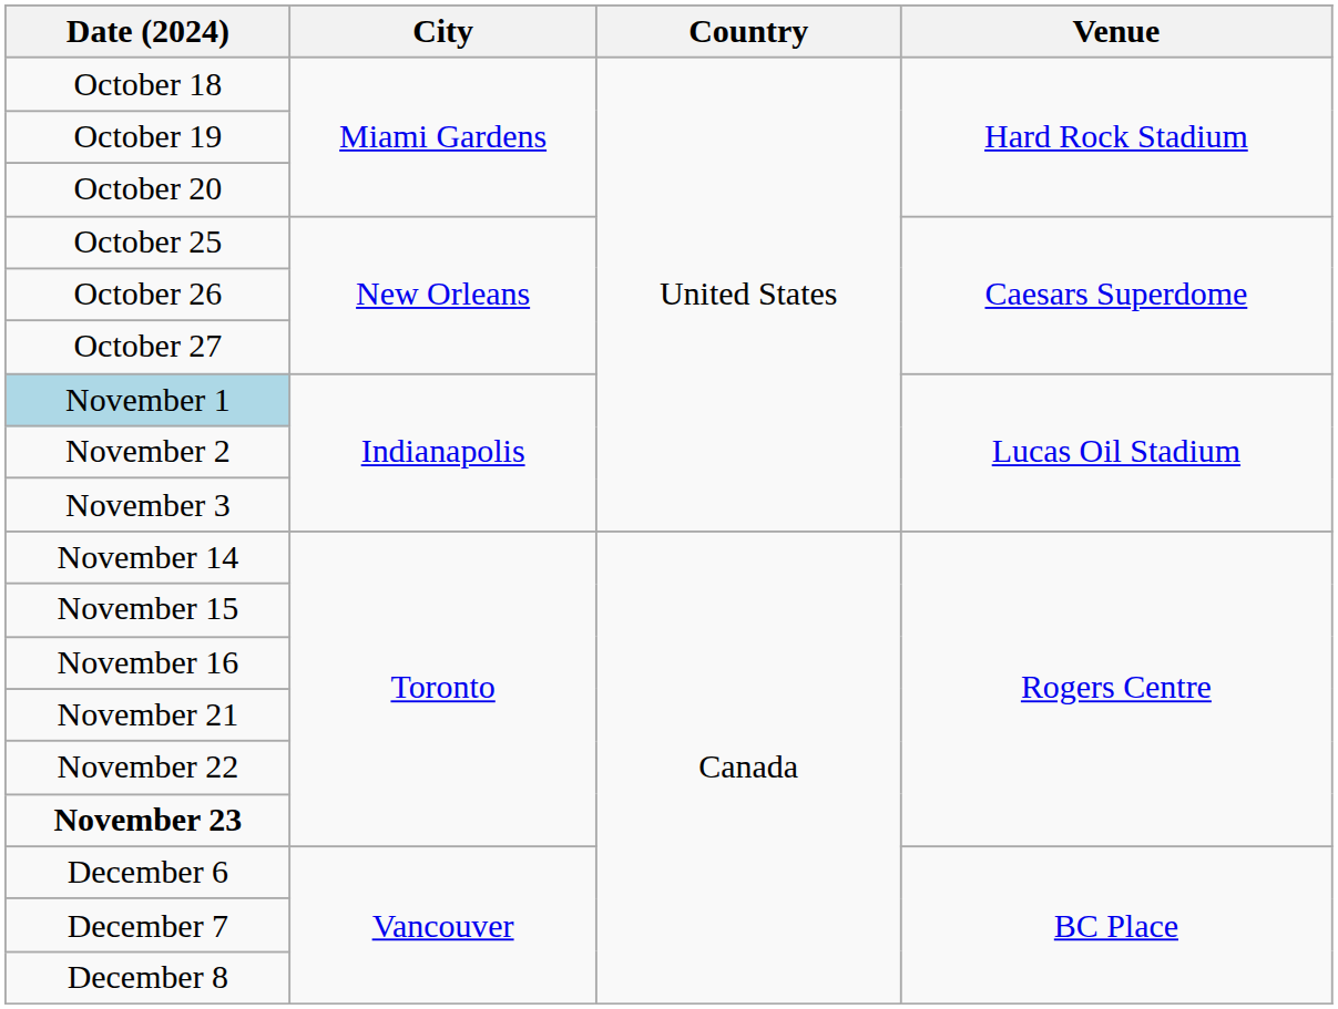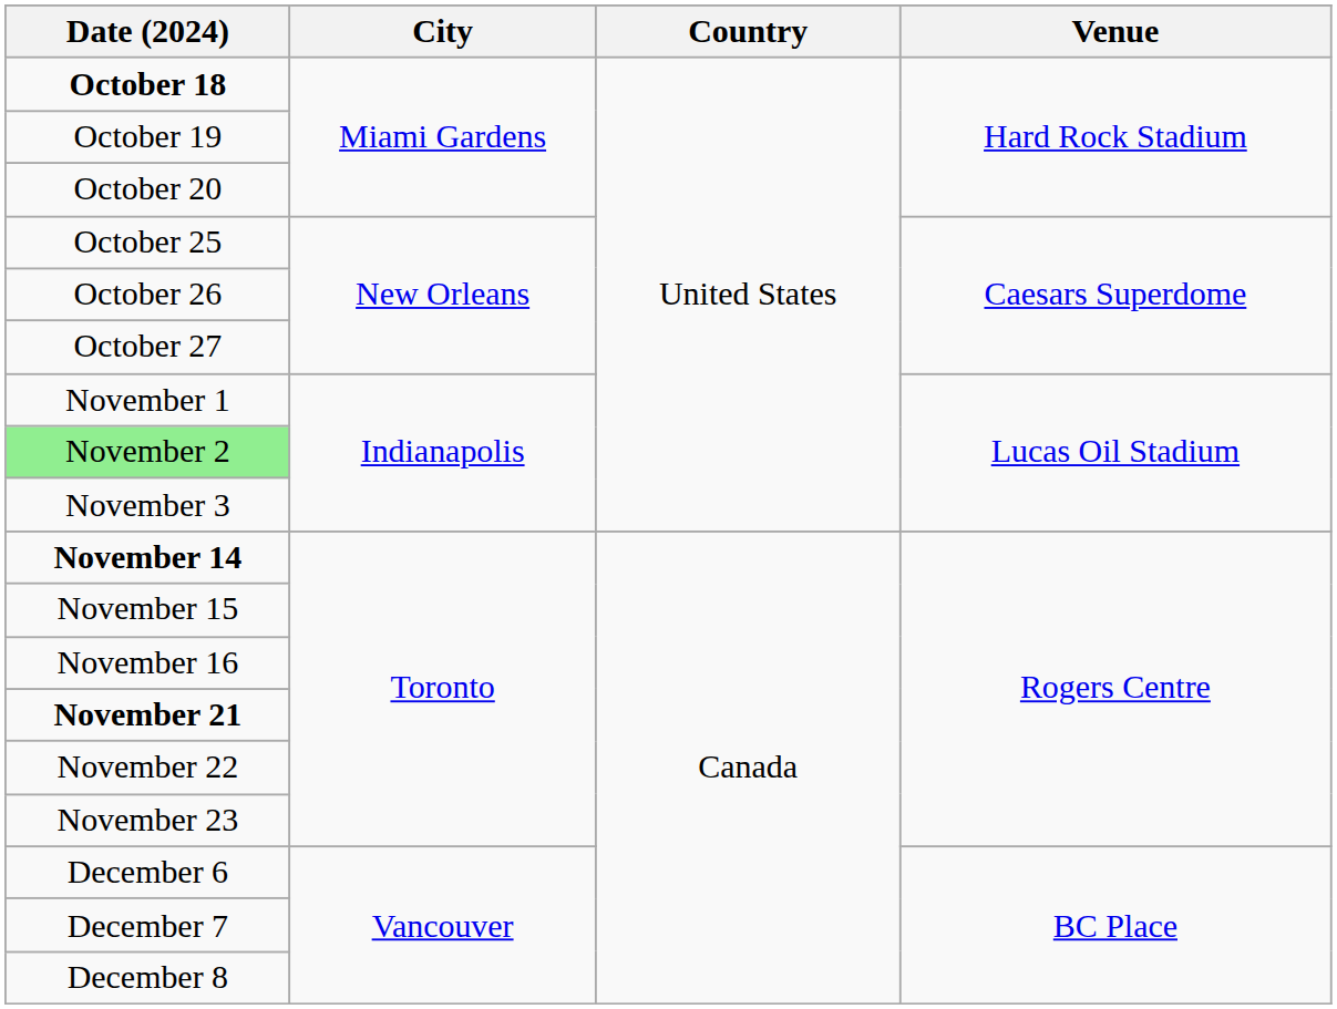 <table class="wikitable" style="text-align:center;">
 <tr>
 <th width="130">Date (2024)</th>
 <th width="140">City</th>
 <th width="140">Country</th>
 <th width="200">Venue</th>
 </tr>
 <tr>
-<td>October 18</td>
+<td><strong>October 18</strong></td>
 <td rowspan="3"><a href='#'>Miami Gardens</a></td>
 <td rowspan="9">United States</td>
 <td rowspan="3"><a href='#'>Hard Rock Stadium</a></td>
 </tr>
 <tr>
 <td>October 19</td>
 </tr>
 <tr>
 <td>October 20</td>
 </tr>
 <tr>
 <td>October 25</td>
 <td rowspan="3"><a href='#'>New Orleans</a></td>
 <td rowspan="3"><a href='#'>Caesars Superdome</a></td>
 </tr>
 <tr>
 <td>October 26</td>
 </tr>
 <tr>
 <td>October 27</td>
 </tr>
 <tr>
-<td style="background: lightblue;">November 1</td>
+<td>November 1</td>
 <td rowspan="3"><a href='#'>Indianapolis</a></td>
 <td rowspan="3"><a href='#'>Lucas Oil Stadium</a></td>
 </tr>
 <tr>
-<td>November 2</td>
+<td style="background: lightgreen;">November 2</td>
 </tr>
 <tr>
 <td>November 3</td>
 </tr>
 <tr>
-<td>November 14</td>
+<td><strong>November 14</strong></td>
 <td rowspan="6"><a href='#'>Toronto</a></td>
 <td rowspan="9">Canada</td>
 <td rowspan="6"><a href='#'>Rogers Centre</a></td>
 </tr>
 <tr>
 <td>November 15</td>
 </tr>
 <tr>
 <td>November 16</td>
 </tr>
 <tr>
-<td>November 21</td>
+<td><strong>November 21</strong></td>
 </tr>
 <tr>
 <td>November 22</td>
 </tr>
 <tr>
-<td><strong>November 23</strong></td>
+<td>November 23</td>
 </tr>
 <tr>
 <td>December 6</td>
 <td rowspan="3"><a href='#'>Vancouver</a></td>
 <td rowspan="3"><a href='#'>BC Place</a></td>
 </tr>
 <tr>
 <td>December 7</td>
 </tr>
 <tr>
 <td>December 8</td>
 </tr>
 </table>
